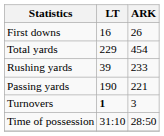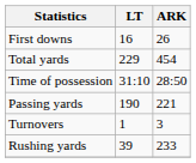 <table class="wikitable" style="float: left;">
 <tr>
 <th>Statistics</th>
 <th>LT</th>
 <th>ARK</th>
 </tr>
 <tr>
 <td>First downs</td>
 <td>16</td>
 <td>26</td>
 </tr>
 <tr>
 <td>Total yards</td>
 <td>229</td>
 <td>454</td>
 </tr>
 <tr>
-<td>Rushing yards</td>
-<td>39</td>
-<td>233</td>
+<td>Time of possession</td>
+<td>31:10</td>
+<td>28:50</td>
 </tr>
 <tr>
 <td>Passing yards</td>
 <td>190</td>
 <td>221</td>
 </tr>
 <tr>
 <td>Turnovers</td>
-<td><strong>1</strong></td>
+<td>1</td>
 <td>3</td>
 </tr>
 <tr>
-<td>Time of possession</td>
-<td>31:10</td>
-<td>28:50</td>
+<td>Rushing yards</td>
+<td>39</td>
+<td>233</td>
 </tr>
 <tr>
 </tr>
 </table>
